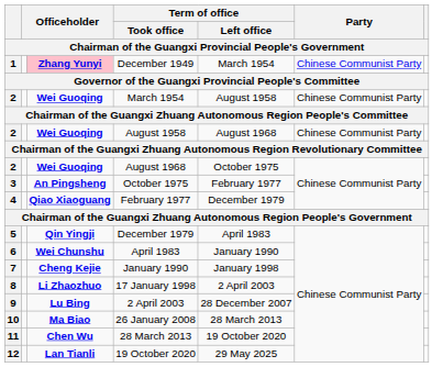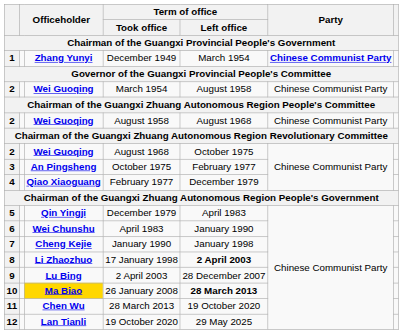 <table class="wikitable" style="text-align:center">
 <tr>
 <th rowspan="2"></th>
 <th colspan="2" rowspan="2">Officeholder</th>
 <th colspan="2">Term of office</th>
 <th rowspan="2">Party</th>
 <th rowspan="2"></th>
 </tr>
 <tr>
 <th>Took office</th>
 <th>Left office</th>
 </tr>
 <tr>
 <th colspan="7">Chairman of the <strong>Guangxi Provincial People's Government</strong></th>
 </tr>
 <tr>
 <th>1</th>
 <td></td>
-<td style="background: pink;"><strong><a href='#'>Zhang Yunyi</a></strong><br></td>
+<td><strong><a href='#'>Zhang Yunyi</a></strong><br></td>
 <td>December 1949</td>
 <td>March 1954</td>
-<td><a href='#'>Chinese Communist Party</a></td>
+<td><strong><a href='#'>Chinese Communist Party</a></strong></td>
 <td></td>
 </tr>
 <tr>
 <th colspan="7">Governor of the <strong>Guangxi Provincial People's Committee</strong></th>
 </tr>
 <tr>
 <th>2</th>
 <td></td>
 <td><strong><a href='#'>Wei Guoqing</a></strong><br></td>
 <td>March 1954</td>
 <td>August 1958</td>
 <td>Chinese Communist Party</td>
 <td></td>
 </tr>
 <tr>
 <th colspan="7"><strong>Chairman of the Guangxi Zhuang Autonomous Region</strong> <strong>People's Committee</strong></th>
 </tr>
 <tr>
 <th>2</th>
 <td></td>
 <td><strong><a href='#'>Wei Guoqing</a></strong><br></td>
 <td>August 1958</td>
 <td>August 1968</td>
 <td>Chinese Communist Party</td>
 <td></td>
 </tr>
 <tr>
 <th colspan="7"><strong>Chairman of the Guangxi Zhuang Autonomous Region Revolutionary Committee</strong></th>
 </tr>
 <tr>
 <th>2</th>
 <td></td>
 <td><strong><a href='#'>Wei Guoqing</a></strong><br></td>
 <td>August 1968</td>
 <td>October 1975</td>
 <td rowspan="3">Chinese Communist Party</td>
 <td></td>
 </tr>
 <tr>
 <th>3</th>
 <td></td>
 <td><strong><a href='#'>An Pingsheng</a></strong><br></td>
 <td>October 1975</td>
 <td>February 1977</td>
 <td></td>
 </tr>
 <tr>
 <th>4</th>
 <td></td>
 <td><strong><a href='#'>Qiao Xiaoguang</a></strong><br></td>
 <td>February 1977</td>
 <td>December 1979</td>
 <td></td>
 </tr>
 <tr>
 <th colspan="7">Chairman of the <strong>Guangxi Zhuang Autonomous Region</strong> People's Government</th>
 </tr>
 <tr>
 <th>5</th>
 <td></td>
 <td><strong><a href='#'>Qin Yingji</a></strong><br></td>
 <td>December 1979</td>
 <td>April 1983</td>
 <td rowspan="8">Chinese Communist Party</td>
 <td></td>
 </tr>
 <tr>
 <th>6</th>
 <td></td>
 <td><strong><a href='#'>Wei Chunshu</a></strong><br></td>
 <td>April 1983</td>
 <td>January 1990</td>
 <td></td>
 </tr>
 <tr>
 <th>7</th>
 <td></td>
 <td><strong><a href='#'>Cheng Kejie</a></strong><br></td>
 <td>January 1990</td>
 <td>January 1998</td>
 <td></td>
 </tr>
 <tr>
 <th>8</th>
 <td></td>
 <td><strong><a href='#'>Li Zhaozhuo</a></strong><br></td>
 <td>17 January 1998</td>
-<td>2 April 2003</td>
+<td><strong>2 April 2003</strong></td>
 <td></td>
 </tr>
 <tr>
 <th>9</th>
 <td></td>
 <td><strong><a href='#'>Lu Bing</a></strong><br></td>
 <td>2 April 2003</td>
 <td>28 December 2007</td>
 <td></td>
 </tr>
 <tr>
 <th>10</th>
 <td></td>
-<td><strong><a href='#'>Ma Biao</a></strong><br></td>
+<td style="background: gold;"><strong><a href='#'>Ma Biao</a></strong><br></td>
 <td>26 January 2008</td>
-<td>28 March 2013</td>
+<td><strong>28 March 2013</strong></td>
 <td></td>
 </tr>
 <tr>
 <th>11</th>
 <td></td>
 <td><strong><a href='#'>Chen Wu</a></strong><br></td>
 <td>28 March 2013</td>
 <td>19 October 2020</td>
 <td></td>
 </tr>
 <tr>
 <th>12</th>
 <td></td>
 <td><strong><a href='#'>Lan Tianli</a></strong><br></td>
 <td>19 October 2020</td>
 <td>29 May 2025</td>
 <td></td>
 </tr>
 </table>
